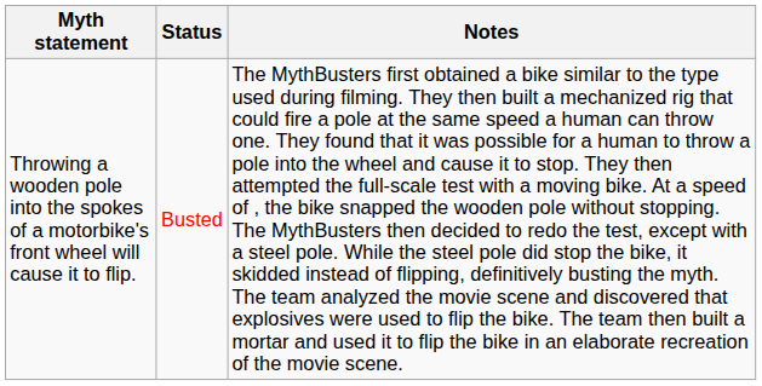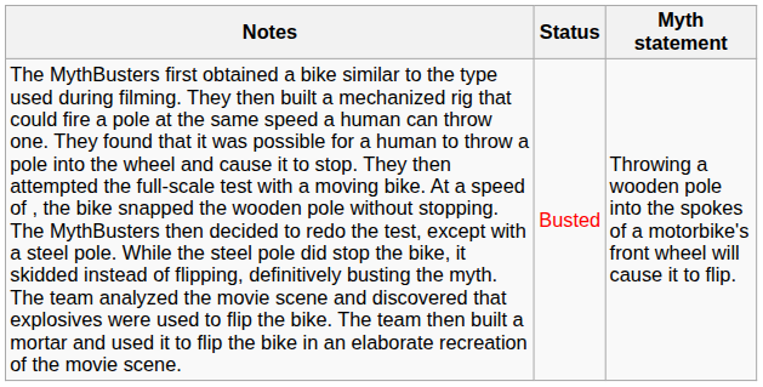 <table class="wikitable plainrowheaders">
 <tr>
+<th>Notes</th>
+<th>Status</th>
 <th>Myth statement</th>
-<th>Status</th>
-<th>Notes</th>
 </tr>
 <tr>
+<td>The MythBusters first obtained a bike similar to the type used during filming. They then built a mechanized rig that could fire a pole at the same speed a human can throw one. They found that it was possible for a human to throw a pole into the wheel and cause it to stop. They then attempted the full-scale test with a moving bike. At a speed of , the bike snapped the wooden pole without stopping. The MythBusters then decided to redo the test, except with a steel pole. While the steel pole did stop the bike, it skidded instead of flipping, definitively busting the myth. The team analyzed the movie scene and discovered that explosives were used to flip the bike. The team then built a mortar and used it to flip the bike in an elaborate recreation of the movie scene.</td>
+<td style="color:red">Busted</td>
 <td>Throwing a wooden pole into the spokes of a motorbike's front wheel will cause it to flip.</td>
-<td style="color:red">Busted</td>
-<td>The MythBusters first obtained a bike similar to the type used during filming. They then built a mechanized rig that could fire a pole at the same speed a human can throw one. They found that it was possible for a human to throw a pole into the wheel and cause it to stop. They then attempted the full-scale test with a moving bike. At a speed of , the bike snapped the wooden pole without stopping. The MythBusters then decided to redo the test, except with a steel pole. While the steel pole did stop the bike, it skidded instead of flipping, definitively busting the myth. The team analyzed the movie scene and discovered that explosives were used to flip the bike. The team then built a mortar and used it to flip the bike in an elaborate recreation of the movie scene.</td>
 </tr>
 </table>
